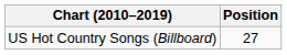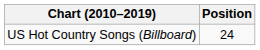 <table class="wikitable">
 <tr>
 <th>Chart (2010–2019)</th>
 <th>Position</th>
 </tr>
 <tr>
 <td>US Hot Country Songs (<em>Billboard</em>)</td>
-<td style="text-align:center;">27</td>
+<td style="text-align:center;">24</td>
 </tr>
 </table>
